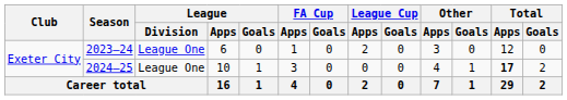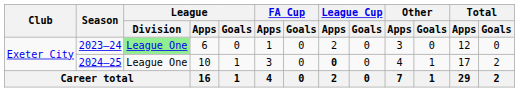 <table class="wikitable" style="text-align: center;">
 <tr>
 <th rowspan="2">Club</th>
 <th rowspan="2">Season</th>
 <th colspan="3">League</th>
 <th colspan="2"><a href='#'>FA Cup</a></th>
 <th colspan="2"><a href='#'>League Cup</a></th>
 <th colspan="2">Other</th>
 <th colspan="2">Total</th>
 </tr>
 <tr>
 <th>Division</th>
 <th>Apps</th>
 <th>Goals</th>
 <th>Apps</th>
 <th>Goals</th>
 <th>Apps</th>
 <th>Goals</th>
 <th>Apps</th>
 <th>Goals</th>
 <th>Apps</th>
 <th>Goals</th>
 </tr>
 <tr>
 <td rowspan="2"><a href='#'>Exeter City</a></td>
 <td><a href='#'>2023–24</a></td>
-<td><a href='#'>League One</a></td>
+<td style="background: lightgreen;"><a href='#'>League One</a></td>
 <td>6</td>
 <td>0</td>
 <td>1</td>
 <td>0</td>
 <td>2</td>
 <td>0</td>
 <td>3</td>
 <td>0</td>
 <td>12</td>
 <td>0</td>
 </tr>
 <tr>
 <td><a href='#'>2024–25</a></td>
 <td>League One</td>
 <td>10</td>
 <td>1</td>
 <td>3</td>
 <td>0</td>
-<td>0</td>
+<td><strong>0</strong></td>
 <td>0</td>
 <td>4</td>
 <td>1</td>
-<td><strong>17</strong></td>
+<td>17</td>
 <td>2</td>
 </tr>
 <tr>
 <th colspan="3">Career total</th>
 <th>16</th>
 <th>1</th>
 <th>4</th>
 <th>0</th>
 <th>2</th>
 <th>0</th>
 <th>7</th>
 <th>1</th>
 <th>29</th>
 <th>2</th>
 </tr>
 </table>
